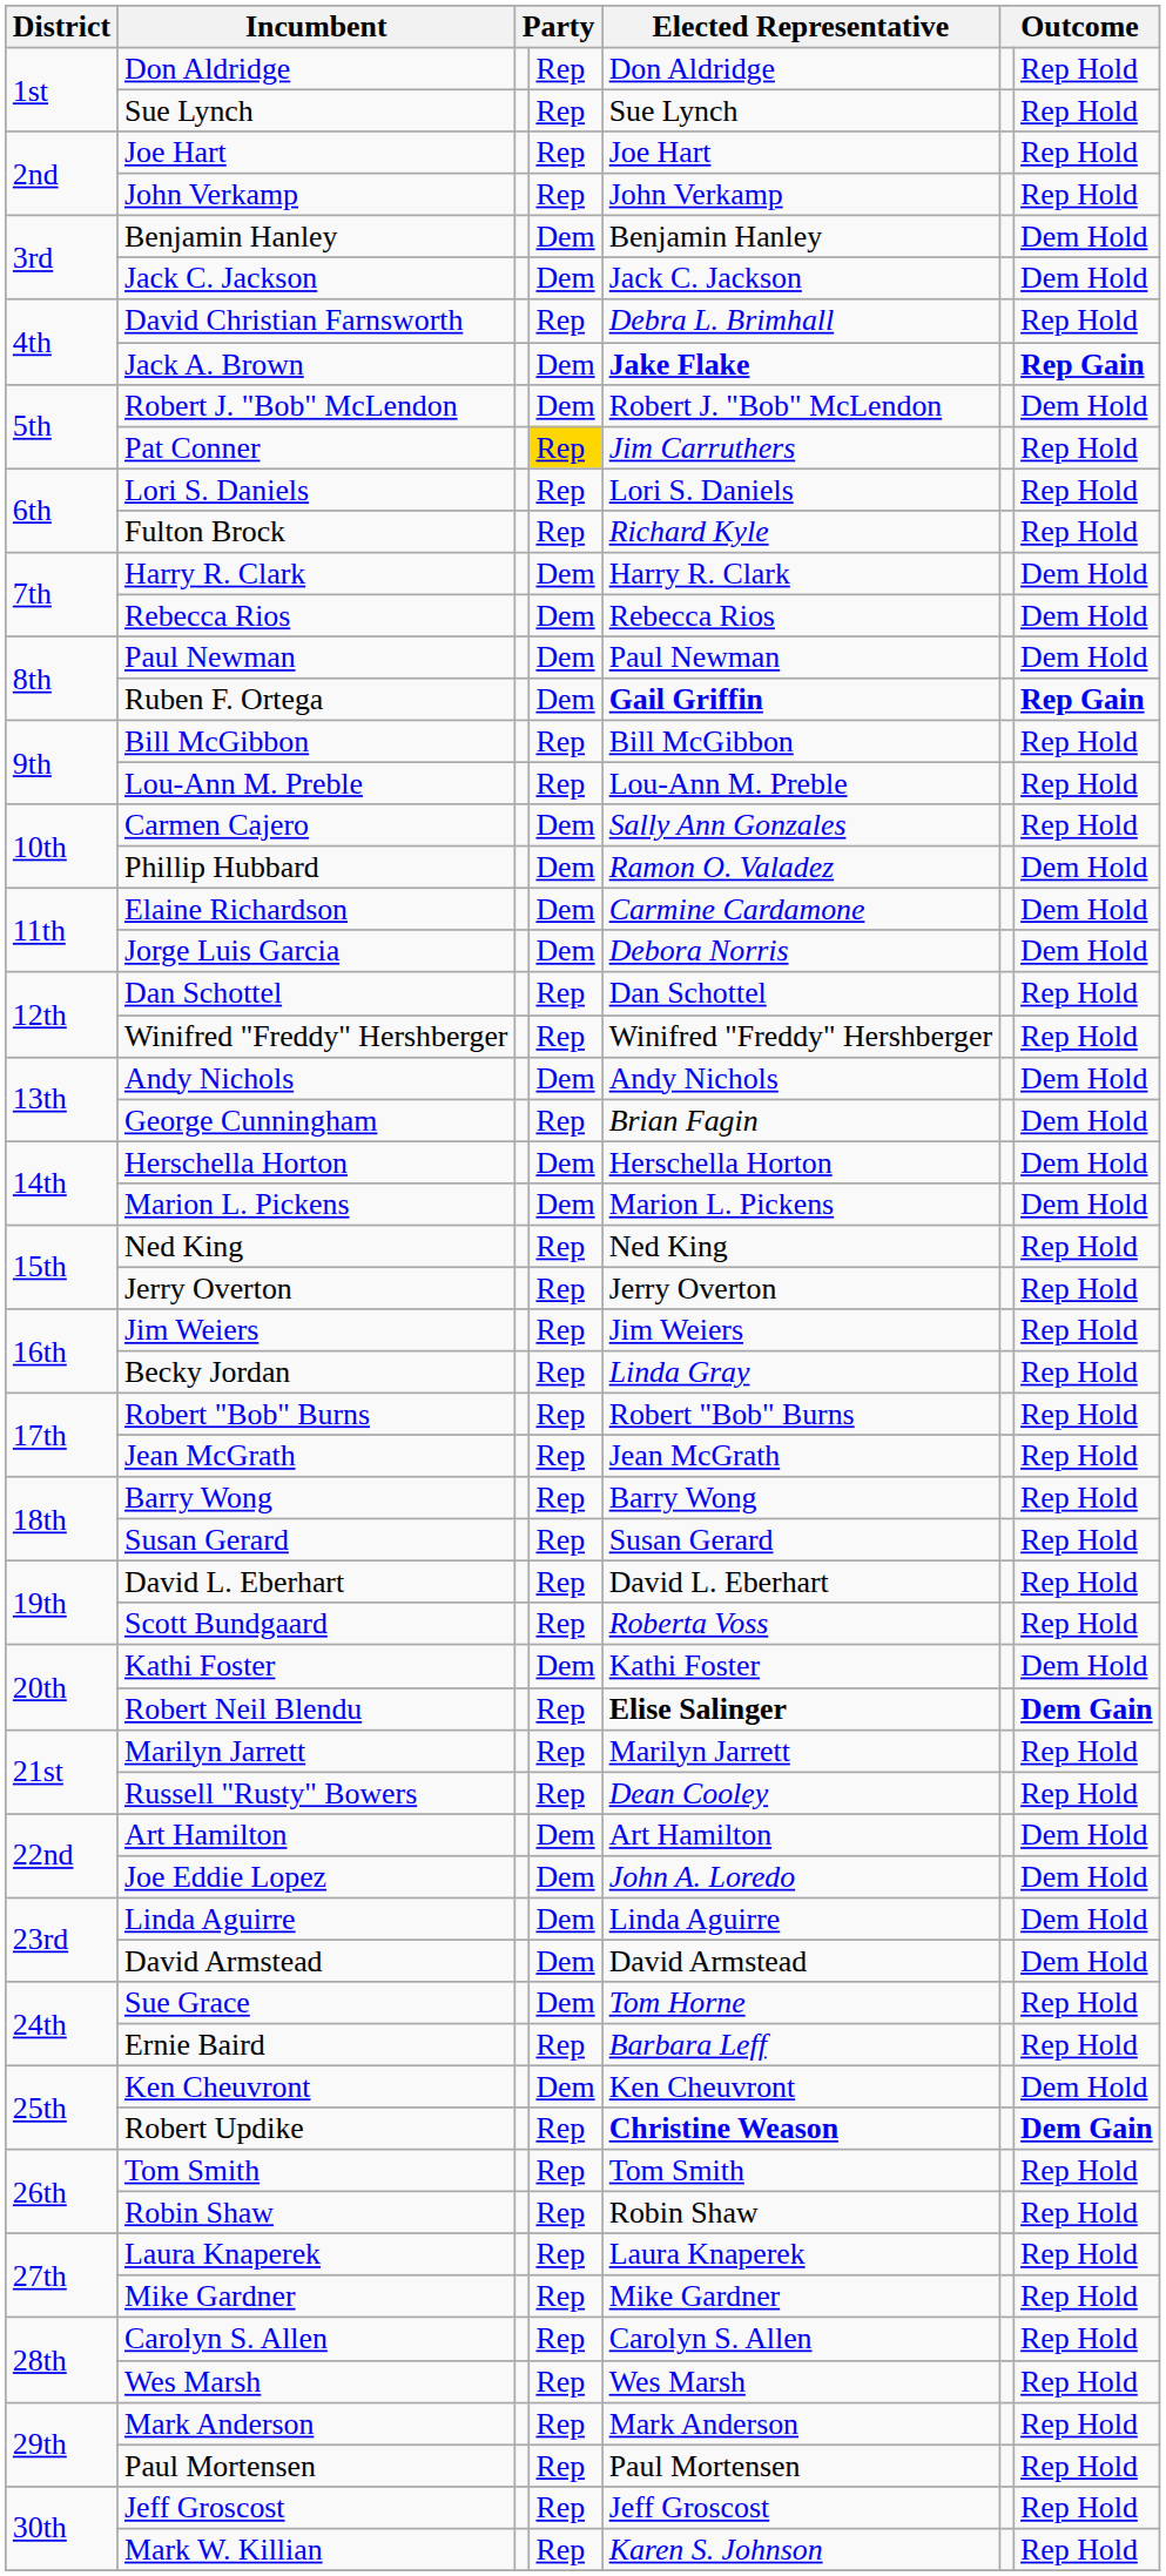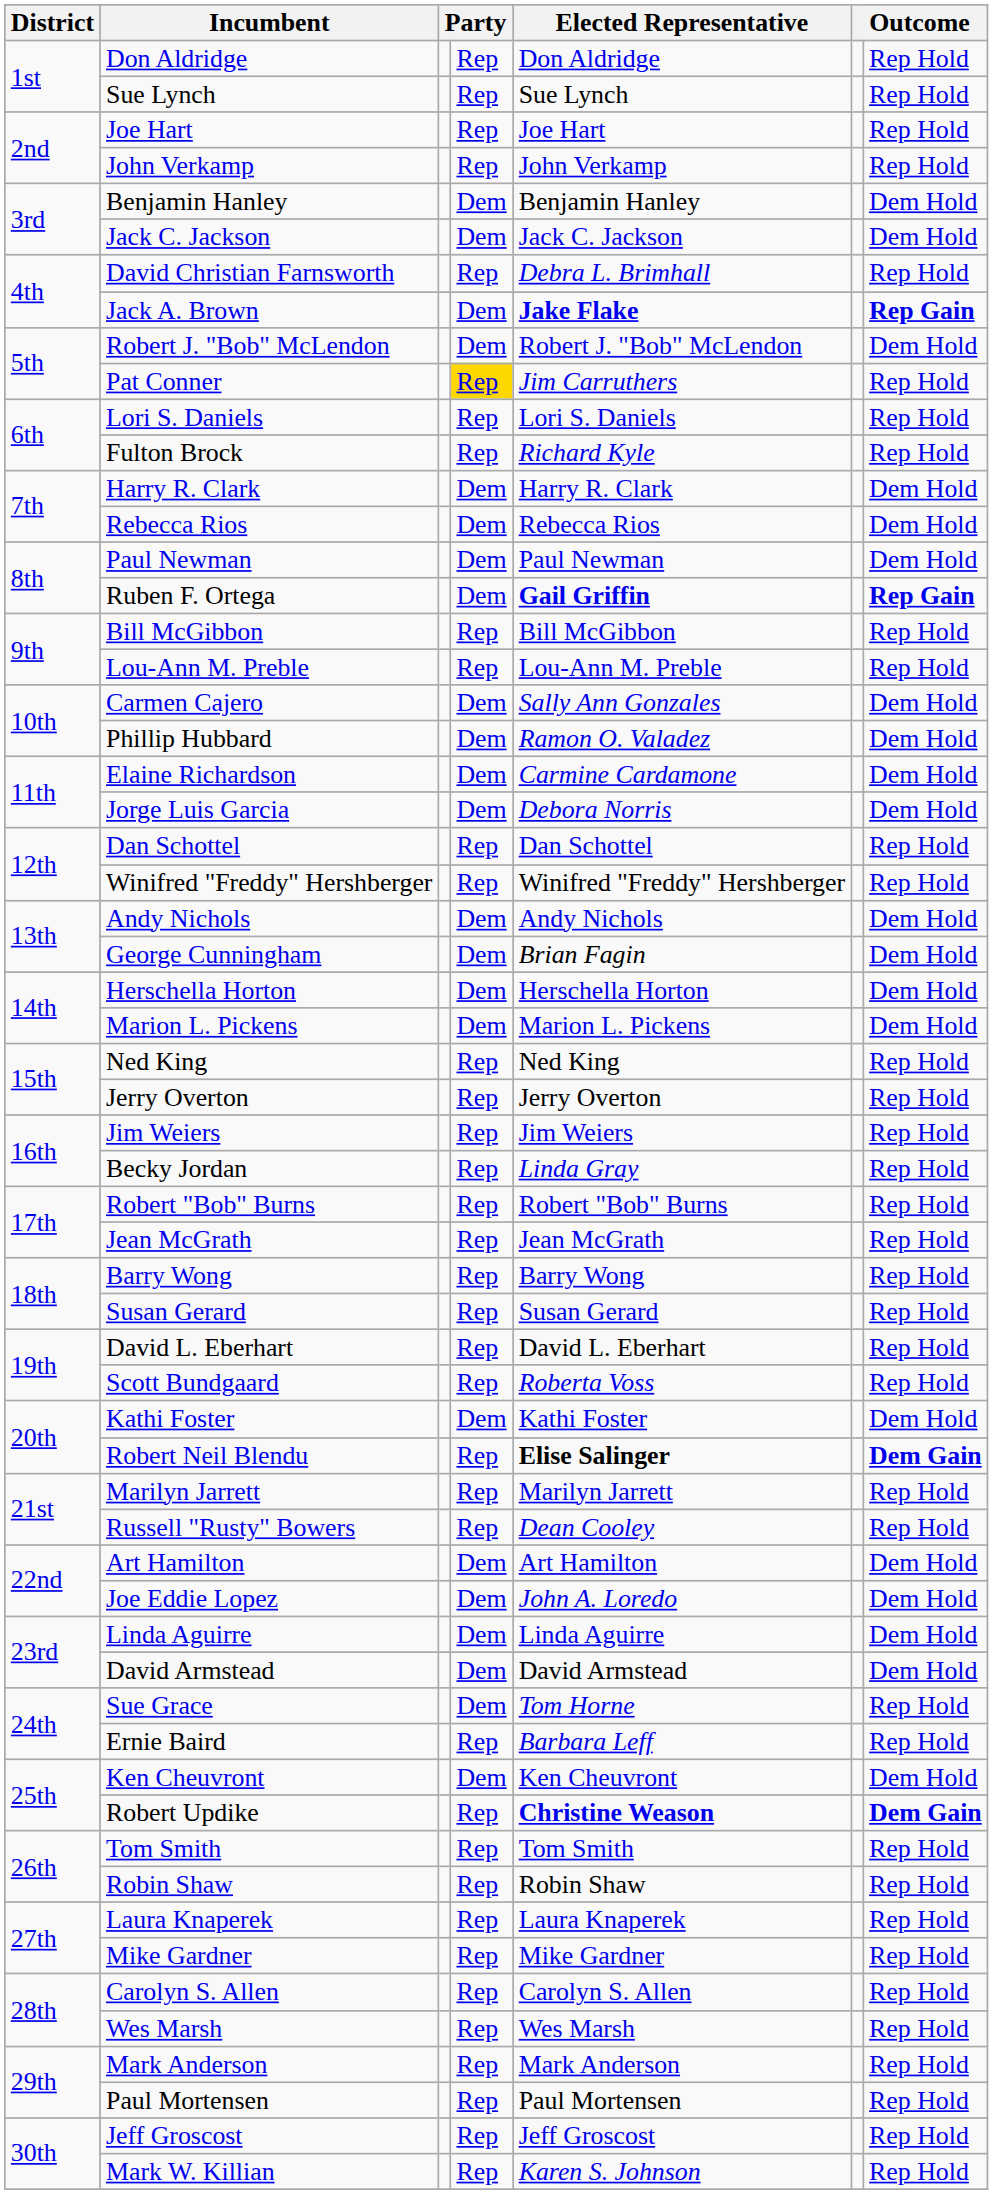 <table class="sortable wikitable" style="font-size:95%;line-height:14px;">
 <tr>
 <th>District</th>
 <th>Incumbent</th>
 <th colspan="2">Party</th>
 <th>Elected Representative</th>
 <th colspan="2">Outcome</th>
 </tr>
 <tr>
 <td rowspan="2"><a href='#'>1st</a></td>
 <td><a href='#'>Don Aldridge</a></td>
 <td style="background:"></td>
 <td><a href='#'>Rep</a></td>
 <td><a href='#'>Don Aldridge</a></td>
 <td style="background:"></td>
 <td><a href='#'>Rep Hold</a></td>
 </tr>
 <tr>
 <td>Sue Lynch</td>
 <td style="background:"></td>
 <td><a href='#'>Rep</a></td>
 <td>Sue Lynch</td>
 <td style="background:"></td>
 <td><a href='#'>Rep Hold</a></td>
 </tr>
 <tr>
 <td rowspan="2"><a href='#'>2nd</a></td>
 <td><a href='#'>Joe Hart</a></td>
 <td style="background:"></td>
 <td><a href='#'>Rep</a></td>
 <td><a href='#'>Joe Hart</a></td>
 <td style="background:"></td>
 <td><a href='#'>Rep Hold</a></td>
 </tr>
 <tr>
 <td><a href='#'>John Verkamp</a></td>
 <td style="background:"></td>
 <td><a href='#'>Rep</a></td>
 <td><a href='#'>John Verkamp</a></td>
 <td style="background:"></td>
 <td><a href='#'>Rep Hold</a></td>
 </tr>
 <tr>
 <td rowspan="2"><a href='#'>3rd</a></td>
 <td>Benjamin Hanley</td>
 <td style="background:"></td>
 <td><a href='#'>Dem</a></td>
 <td>Benjamin Hanley</td>
 <td style="background:"></td>
 <td><a href='#'>Dem Hold</a></td>
 </tr>
 <tr>
 <td><a href='#'>Jack C. Jackson</a></td>
 <td style="background:"></td>
 <td><a href='#'>Dem</a></td>
 <td><a href='#'>Jack C. Jackson</a></td>
 <td style="background:"></td>
 <td><a href='#'>Dem Hold</a></td>
 </tr>
 <tr>
 <td rowspan="2"><a href='#'>4th</a></td>
 <td><a href='#'>David Christian Farnsworth</a></td>
 <td style="background:"></td>
 <td><a href='#'>Rep</a></td>
 <td><em><a href='#'>Debra L. Brimhall</a></em></td>
 <td style="background:"></td>
 <td><a href='#'>Rep Hold</a></td>
 </tr>
 <tr>
 <td><a href='#'>Jack A. Brown</a></td>
 <td style="background:"></td>
 <td><a href='#'>Dem</a></td>
 <td><strong><a href='#'>Jake Flake</a></strong></td>
 <td style="background:"></td>
 <td><strong><a href='#'>Rep Gain</a></strong></td>
 </tr>
 <tr>
 <td rowspan="2"><a href='#'>5th</a></td>
 <td><a href='#'>Robert J. "Bob" McLendon</a></td>
 <td style="background:"></td>
 <td><a href='#'>Dem</a></td>
 <td><a href='#'>Robert J. "Bob" McLendon</a></td>
 <td style="background:"></td>
 <td><a href='#'>Dem Hold</a></td>
 </tr>
 <tr>
 <td><a href='#'>Pat Conner</a></td>
 <td style="background:"></td>
 <td style="background: gold;"><a href='#'>Rep</a></td>
 <td><em><a href='#'>Jim Carruthers</a></em></td>
 <td style="background:"></td>
 <td><a href='#'>Rep Hold</a></td>
 </tr>
 <tr>
 <td rowspan="2"><a href='#'>6th</a></td>
 <td><a href='#'>Lori S. Daniels</a></td>
 <td style="background:"></td>
 <td><a href='#'>Rep</a></td>
 <td><a href='#'>Lori S. Daniels</a></td>
 <td style="background:"></td>
 <td><a href='#'>Rep Hold</a></td>
 </tr>
 <tr>
 <td>Fulton Brock</td>
 <td style="background:"></td>
 <td><a href='#'>Rep</a></td>
 <td><em><a href='#'>Richard Kyle</a></em></td>
 <td style="background:"></td>
 <td><a href='#'>Rep Hold</a></td>
 </tr>
 <tr>
 <td rowspan="2"><a href='#'>7th</a></td>
 <td><a href='#'>Harry R. Clark</a></td>
 <td style="background:"></td>
 <td><a href='#'>Dem</a></td>
 <td><a href='#'>Harry R. Clark</a></td>
 <td style="background:"></td>
 <td><a href='#'>Dem Hold</a></td>
 </tr>
 <tr>
 <td><a href='#'>Rebecca Rios</a></td>
 <td style="background:"></td>
 <td><a href='#'>Dem</a></td>
 <td><a href='#'>Rebecca Rios</a></td>
 <td style="background:"></td>
 <td><a href='#'>Dem Hold</a></td>
 </tr>
 <tr>
 <td rowspan="2"><a href='#'>8th</a></td>
 <td><a href='#'>Paul Newman</a></td>
 <td style="background:"></td>
 <td><a href='#'>Dem</a></td>
 <td><a href='#'>Paul Newman</a></td>
 <td style="background:"></td>
 <td><a href='#'>Dem Hold</a></td>
 </tr>
 <tr>
 <td>Ruben F. Ortega</td>
 <td style="background:"></td>
 <td><a href='#'>Dem</a></td>
 <td><strong><a href='#'>Gail Griffin</a></strong></td>
 <td style="background:"></td>
 <td><strong><a href='#'>Rep Gain</a></strong></td>
 </tr>
 <tr>
 <td rowspan="2"><a href='#'>9th</a></td>
 <td><a href='#'>Bill McGibbon</a></td>
 <td style="background:"></td>
 <td><a href='#'>Rep</a></td>
 <td><a href='#'>Bill McGibbon</a></td>
 <td style="background:"></td>
 <td><a href='#'>Rep Hold</a></td>
 </tr>
 <tr>
 <td><a href='#'>Lou-Ann M. Preble</a></td>
 <td style="background:"></td>
 <td><a href='#'>Rep</a></td>
 <td><a href='#'>Lou-Ann M. Preble</a></td>
 <td style="background:"></td>
 <td><a href='#'>Rep Hold</a></td>
 </tr>
 <tr>
 <td rowspan="2"><a href='#'>10th</a></td>
 <td><a href='#'>Carmen Cajero</a></td>
 <td style="background:"></td>
 <td><a href='#'>Dem</a></td>
 <td><em><a href='#'>Sally Ann Gonzales</a></em></td>
 <td style="background:"></td>
-<td><a href='#'>Rep Hold</a></td>
+<td><a href='#'>Dem Hold</a></td>
 </tr>
 <tr>
 <td>Phillip Hubbard</td>
 <td style="background:"></td>
 <td><a href='#'>Dem</a></td>
 <td><em><a href='#'>Ramon O. Valadez</a></em></td>
 <td style="background:"></td>
 <td><a href='#'>Dem Hold</a></td>
 </tr>
 <tr>
 <td rowspan="2"><a href='#'>11th</a></td>
 <td><a href='#'>Elaine Richardson</a></td>
 <td style="background:"></td>
 <td><a href='#'>Dem</a></td>
 <td><em><a href='#'>Carmine Cardamone</a></em></td>
 <td style="background:"></td>
 <td><a href='#'>Dem Hold</a></td>
 </tr>
 <tr>
 <td><a href='#'>Jorge Luis Garcia</a></td>
 <td style="background:"></td>
 <td><a href='#'>Dem</a></td>
 <td><em><a href='#'>Debora Norris</a></em></td>
 <td style="background:"></td>
 <td><a href='#'>Dem Hold</a></td>
 </tr>
 <tr>
 <td rowspan="2"><a href='#'>12th</a></td>
 <td><a href='#'>Dan Schottel</a></td>
 <td style="background:"></td>
 <td><a href='#'>Rep</a></td>
 <td><a href='#'>Dan Schottel</a></td>
 <td style="background:"></td>
 <td><a href='#'>Rep Hold</a></td>
 </tr>
 <tr>
 <td>Winifred "Freddy" Hershberger</td>
 <td style="background:"></td>
 <td><a href='#'>Rep</a></td>
 <td>Winifred "Freddy" Hershberger</td>
 <td style="background:"></td>
 <td><a href='#'>Rep Hold</a></td>
 </tr>
 <tr>
 <td rowspan="2"><a href='#'>13th</a></td>
 <td><a href='#'>Andy Nichols</a></td>
 <td style="background:"></td>
 <td><a href='#'>Dem</a></td>
 <td><a href='#'>Andy Nichols</a></td>
 <td style="background:"></td>
 <td><a href='#'>Dem Hold</a></td>
 </tr>
 <tr>
 <td><a href='#'>George Cunningham</a></td>
 <td style="background:"></td>
-<td><a href='#'>Rep</a></td>
+<td><a href='#'>Dem</a></td>
 <td><em>Brian Fagin</em></td>
 <td style="background:"></td>
 <td><a href='#'>Dem Hold</a></td>
 </tr>
 <tr>
 <td rowspan="2"><a href='#'>14th</a></td>
 <td><a href='#'>Herschella Horton</a></td>
 <td style="background:"></td>
 <td><a href='#'>Dem</a></td>
 <td><a href='#'>Herschella Horton</a></td>
 <td style="background:"></td>
 <td><a href='#'>Dem Hold</a></td>
 </tr>
 <tr>
 <td><a href='#'>Marion L. Pickens</a></td>
 <td style="background:"></td>
 <td><a href='#'>Dem</a></td>
 <td><a href='#'>Marion L. Pickens</a></td>
 <td style="background:"></td>
 <td><a href='#'>Dem Hold</a></td>
 </tr>
 <tr>
 <td rowspan="2"><a href='#'>15th</a></td>
 <td>Ned King</td>
 <td style="background:"></td>
 <td><a href='#'>Rep</a></td>
 <td>Ned King</td>
 <td style="background:"></td>
 <td><a href='#'>Rep Hold</a></td>
 </tr>
 <tr>
 <td>Jerry Overton</td>
 <td style="background:"></td>
 <td><a href='#'>Rep</a></td>
 <td>Jerry Overton</td>
 <td style="background:"></td>
 <td><a href='#'>Rep Hold</a></td>
 </tr>
 <tr>
 <td rowspan="2"><a href='#'>16th</a></td>
 <td><a href='#'>Jim Weiers</a></td>
 <td style="background:"></td>
 <td><a href='#'>Rep</a></td>
 <td><a href='#'>Jim Weiers</a></td>
 <td style="background:"></td>
 <td><a href='#'>Rep Hold</a></td>
 </tr>
 <tr>
 <td>Becky Jordan</td>
 <td style="background:"></td>
 <td><a href='#'>Rep</a></td>
 <td><em><a href='#'>Linda Gray</a></em></td>
 <td style="background:"></td>
 <td><a href='#'>Rep Hold</a></td>
 </tr>
 <tr>
 <td rowspan="2"><a href='#'>17th</a></td>
 <td><a href='#'>Robert "Bob" Burns</a></td>
 <td style="background:"></td>
 <td><a href='#'>Rep</a></td>
 <td><a href='#'>Robert "Bob" Burns</a></td>
 <td style="background:"></td>
 <td><a href='#'>Rep Hold</a></td>
 </tr>
 <tr>
 <td><a href='#'>Jean McGrath</a></td>
 <td style="background:"></td>
 <td><a href='#'>Rep</a></td>
 <td><a href='#'>Jean McGrath</a></td>
 <td style="background:"></td>
 <td><a href='#'>Rep Hold</a></td>
 </tr>
 <tr>
 <td rowspan="2"><a href='#'>18th</a></td>
 <td><a href='#'>Barry Wong</a></td>
 <td style="background:"></td>
 <td><a href='#'>Rep</a></td>
 <td><a href='#'>Barry Wong</a></td>
 <td style="background:"></td>
 <td><a href='#'>Rep Hold</a></td>
 </tr>
 <tr>
 <td><a href='#'>Susan Gerard</a></td>
 <td style="background:"></td>
 <td><a href='#'>Rep</a></td>
 <td><a href='#'>Susan Gerard</a></td>
 <td style="background:"></td>
 <td><a href='#'>Rep Hold</a></td>
 </tr>
 <tr>
 <td rowspan="2"><a href='#'>19th</a></td>
 <td>David L. Eberhart</td>
 <td style="background:"></td>
 <td><a href='#'>Rep</a></td>
 <td>David L. Eberhart</td>
 <td style="background:"></td>
 <td><a href='#'>Rep Hold</a></td>
 </tr>
 <tr>
 <td><a href='#'>Scott Bundgaard</a></td>
 <td style="background:"></td>
 <td><a href='#'>Rep</a></td>
 <td><em><a href='#'>Roberta Voss</a></em></td>
 <td style="background:"></td>
 <td><a href='#'>Rep Hold</a></td>
 </tr>
 <tr>
 <td rowspan="2"><a href='#'>20th</a></td>
 <td><a href='#'>Kathi Foster</a></td>
 <td style="background:"></td>
 <td><a href='#'>Dem</a></td>
 <td><a href='#'>Kathi Foster</a></td>
 <td style="background:"></td>
 <td><a href='#'>Dem Hold</a></td>
 </tr>
 <tr>
 <td><a href='#'>Robert Neil Blendu</a></td>
 <td style="background:"></td>
 <td><a href='#'>Rep</a></td>
 <td><strong>Elise Salinger</strong></td>
 <td style="background:"></td>
 <td><strong><a href='#'>Dem Gain</a></strong></td>
 </tr>
 <tr>
 <td rowspan="2"><a href='#'>21st</a></td>
 <td><a href='#'>Marilyn Jarrett</a></td>
 <td style="background:"></td>
 <td><a href='#'>Rep</a></td>
 <td><a href='#'>Marilyn Jarrett</a></td>
 <td style="background:"></td>
 <td><a href='#'>Rep Hold</a></td>
 </tr>
 <tr>
 <td><a href='#'>Russell "Rusty" Bowers</a></td>
 <td style="background:"></td>
 <td><a href='#'>Rep</a></td>
 <td><em><a href='#'>Dean Cooley</a></em></td>
 <td style="background:"></td>
 <td><a href='#'>Rep Hold</a></td>
 </tr>
 <tr>
 <td rowspan="2"><a href='#'>22nd</a></td>
 <td><a href='#'>Art Hamilton</a></td>
 <td style="background:"></td>
 <td><a href='#'>Dem</a></td>
 <td><a href='#'>Art Hamilton</a></td>
 <td style="background:"></td>
 <td><a href='#'>Dem Hold</a></td>
 </tr>
 <tr>
 <td><a href='#'>Joe Eddie Lopez</a></td>
 <td style="background:"></td>
 <td><a href='#'>Dem</a></td>
 <td><em><a href='#'>John A. Loredo</a></em></td>
 <td style="background:"></td>
 <td><a href='#'>Dem Hold</a></td>
 </tr>
 <tr>
 <td rowspan="2"><a href='#'>23rd</a></td>
 <td><a href='#'>Linda Aguirre</a></td>
 <td style="background:"></td>
 <td><a href='#'>Dem</a></td>
 <td><a href='#'>Linda Aguirre</a></td>
 <td style="background:"></td>
 <td><a href='#'>Dem Hold</a></td>
 </tr>
 <tr>
 <td>David Armstead</td>
 <td style="background:"></td>
 <td><a href='#'>Dem</a></td>
 <td>David Armstead</td>
 <td style="background:"></td>
 <td><a href='#'>Dem Hold</a></td>
 </tr>
 <tr>
 <td rowspan="2"><a href='#'>24th</a></td>
 <td><a href='#'>Sue Grace</a></td>
 <td style="background:"></td>
 <td><a href='#'>Dem</a></td>
 <td><em><a href='#'>Tom Horne</a></em></td>
 <td style="background:"></td>
 <td><a href='#'>Rep Hold</a></td>
 </tr>
 <tr>
 <td>Ernie Baird</td>
 <td style="background:"></td>
 <td><a href='#'>Rep</a></td>
 <td><em><a href='#'>Barbara Leff</a></em></td>
 <td style="background:"></td>
 <td><a href='#'>Rep Hold</a></td>
 </tr>
 <tr>
 <td rowspan="2"><a href='#'>25th</a></td>
 <td><a href='#'>Ken Cheuvront</a></td>
 <td style="background:"></td>
 <td><a href='#'>Dem</a></td>
 <td><a href='#'>Ken Cheuvront</a></td>
 <td style="background:"></td>
 <td><a href='#'>Dem Hold</a></td>
 </tr>
 <tr>
 <td>Robert Updike</td>
 <td style="background:"></td>
 <td><a href='#'>Rep</a></td>
 <td><strong><a href='#'>Christine Weason</a></strong></td>
 <td style="background:"></td>
 <td><strong><a href='#'>Dem Gain</a></strong></td>
 </tr>
 <tr>
 <td rowspan="2"><a href='#'>26th</a></td>
 <td><a href='#'>Tom Smith</a></td>
 <td style="background:"></td>
 <td><a href='#'>Rep</a></td>
 <td><a href='#'>Tom Smith</a></td>
 <td style="background:"></td>
 <td><a href='#'>Rep Hold</a></td>
 </tr>
 <tr>
 <td><a href='#'>Robin Shaw</a></td>
 <td style="background:"></td>
 <td><a href='#'>Rep</a></td>
 <td>Robin Shaw</td>
 <td style="background:"></td>
 <td><a href='#'>Rep Hold</a></td>
 </tr>
 <tr>
 <td rowspan="2"><a href='#'>27th</a></td>
 <td><a href='#'>Laura Knaperek</a></td>
 <td style="background:"></td>
 <td><a href='#'>Rep</a></td>
 <td><a href='#'>Laura Knaperek</a></td>
 <td style="background:"></td>
 <td><a href='#'>Rep Hold</a></td>
 </tr>
 <tr>
 <td><a href='#'>Mike Gardner</a></td>
 <td style="background:"></td>
 <td><a href='#'>Rep</a></td>
 <td><a href='#'>Mike Gardner</a></td>
 <td style="background:"></td>
 <td><a href='#'>Rep Hold</a></td>
 </tr>
 <tr>
 <td rowspan="2"><a href='#'>28th</a></td>
 <td><a href='#'>Carolyn S. Allen</a></td>
 <td style="background:"></td>
 <td><a href='#'>Rep</a></td>
 <td><a href='#'>Carolyn S. Allen</a></td>
 <td style="background:"></td>
 <td><a href='#'>Rep Hold</a></td>
 </tr>
 <tr>
 <td><a href='#'>Wes Marsh</a></td>
 <td style="background:"></td>
 <td><a href='#'>Rep</a></td>
 <td><a href='#'>Wes Marsh</a></td>
 <td style="background:"></td>
 <td><a href='#'>Rep Hold</a></td>
 </tr>
 <tr>
 <td rowspan="2"><a href='#'>29th</a></td>
 <td><a href='#'>Mark Anderson</a></td>
 <td style="background:"></td>
 <td><a href='#'>Rep</a></td>
 <td><a href='#'>Mark Anderson</a></td>
 <td style="background:"></td>
 <td><a href='#'>Rep Hold</a></td>
 </tr>
 <tr>
 <td>Paul Mortensen</td>
 <td style="background:"></td>
 <td><a href='#'>Rep</a></td>
 <td>Paul Mortensen</td>
 <td style="background:"></td>
 <td><a href='#'>Rep Hold</a></td>
 </tr>
 <tr>
 <td rowspan="2"><a href='#'>30th</a></td>
 <td><a href='#'>Jeff Groscost</a></td>
 <td style="background:"></td>
 <td><a href='#'>Rep</a></td>
 <td><a href='#'>Jeff Groscost</a></td>
 <td style="background:"></td>
 <td><a href='#'>Rep Hold</a></td>
 </tr>
 <tr>
 <td><a href='#'>Mark W. Killian</a></td>
 <td style="background:"></td>
 <td><a href='#'>Rep</a></td>
 <td><em><a href='#'>Karen S. Johnson</a></em></td>
 <td style="background:"></td>
 <td><a href='#'>Rep Hold</a></td>
 </tr>
 <tr>
 </tr>
 </table>
